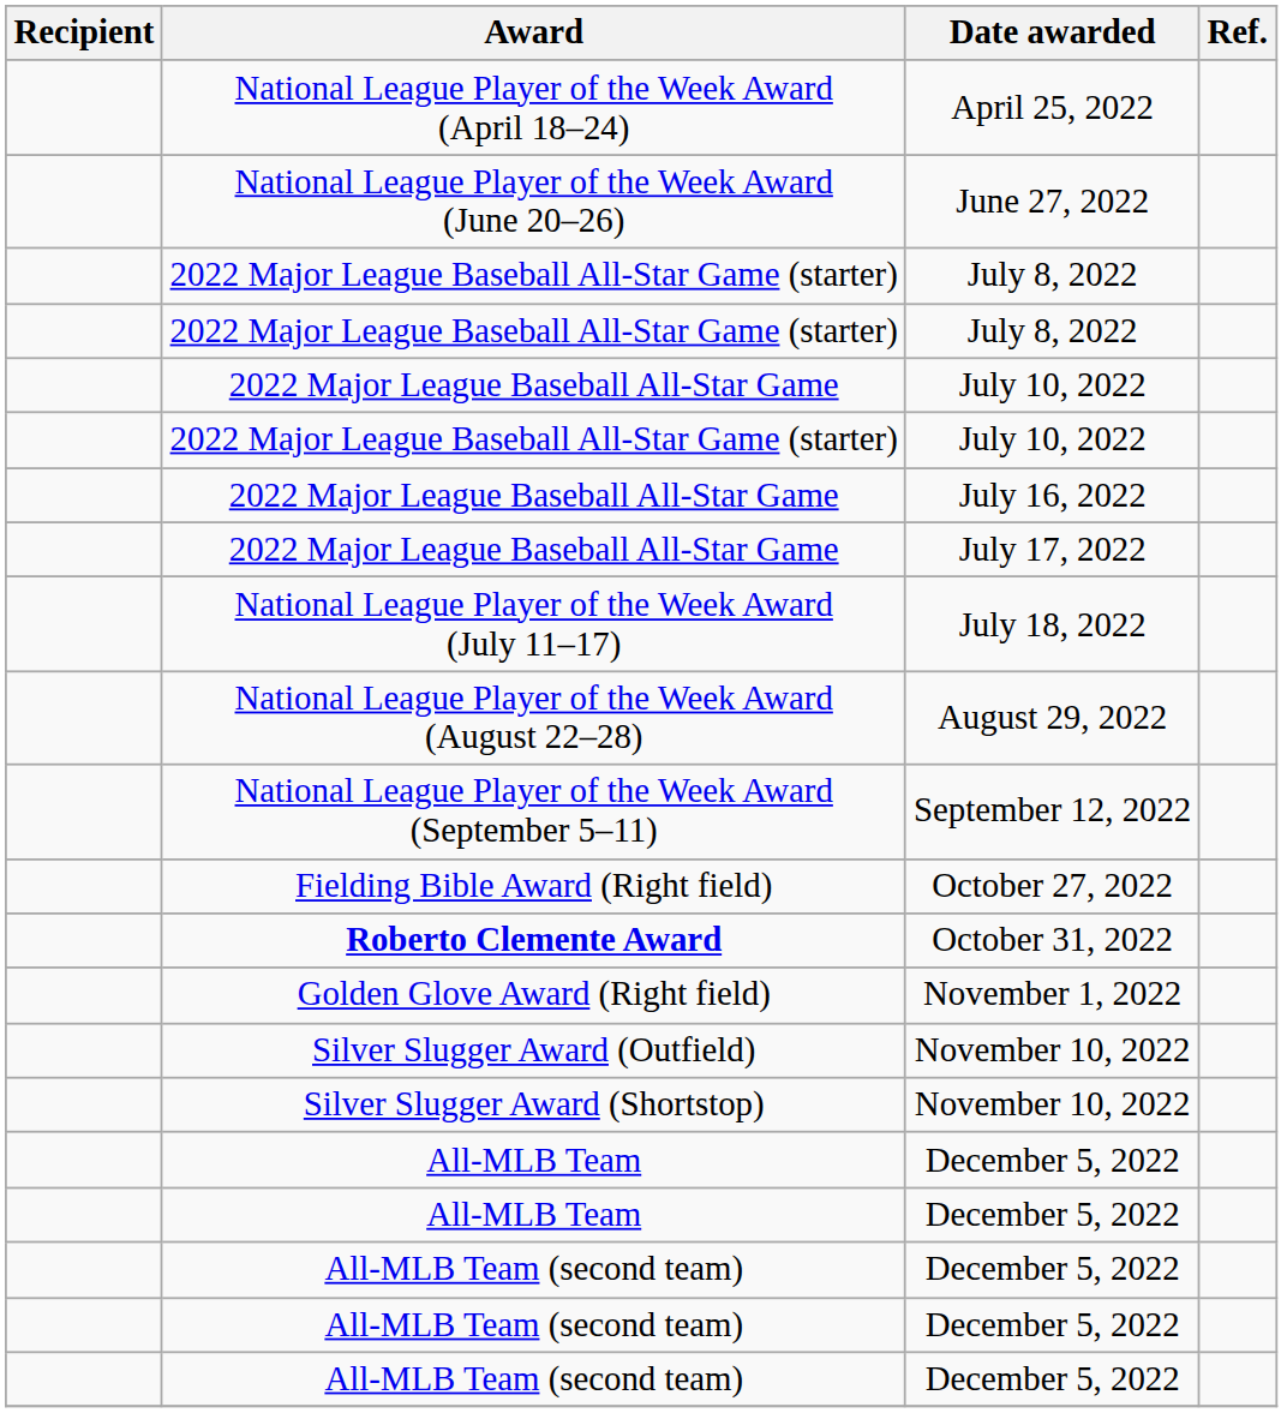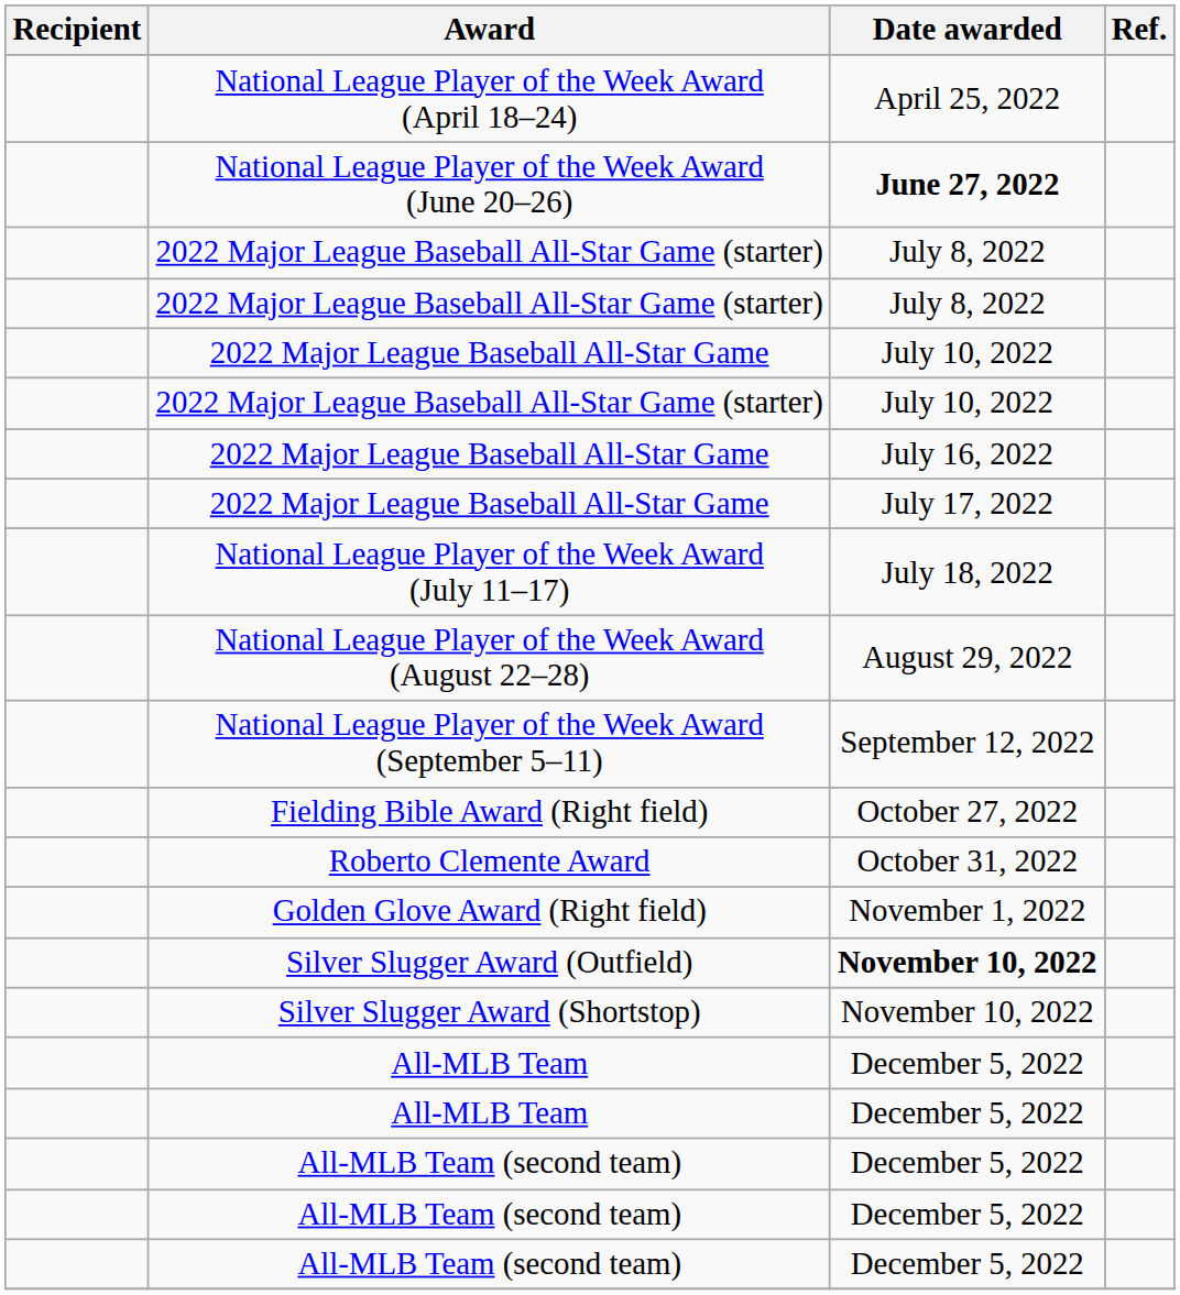 <table class="wikitable sortable collapsible" style="text-align:center">
 <tr>
 <th>Recipient</th>
 <th>Award</th>
 <th>Date awarded</th>
 <th>Ref.</th>
 </tr>
 <tr>
 <td></td>
 <td><a href='#'>National League Player of the Week Award</a>  <br> (April 18–24)</td>
 <td>April 25, 2022</td>
 <td></td>
 </tr>
 <tr>
 <td></td>
 <td><a href='#'>National League Player of the Week Award</a>  <br> (June 20–26)</td>
-<td>June 27, 2022</td>
+<td><strong>June 27, 2022</strong></td>
 <td></td>
 </tr>
 <tr>
 <td></td>
 <td><a href='#'>2022 Major League Baseball All-Star Game</a> (starter)</td>
 <td>July 8, 2022</td>
 <td></td>
 </tr>
 <tr>
 <td></td>
 <td><a href='#'>2022 Major League Baseball All-Star Game</a> (starter)</td>
 <td>July 8, 2022</td>
 <td></td>
 </tr>
 <tr>
 <td></td>
 <td><a href='#'>2022 Major League Baseball All-Star Game</a></td>
 <td>July 10, 2022</td>
 <td></td>
 </tr>
 <tr>
 <td></td>
 <td><a href='#'>2022 Major League Baseball All-Star Game</a> (starter)</td>
 <td>July 10, 2022</td>
 <td></td>
 </tr>
 <tr>
 <td></td>
 <td><a href='#'>2022 Major League Baseball All-Star Game</a></td>
 <td>July 16, 2022</td>
 <td></td>
 </tr>
 <tr>
 <td></td>
 <td><a href='#'>2022 Major League Baseball All-Star Game</a></td>
 <td>July 17, 2022</td>
 <td></td>
 </tr>
 <tr>
 <td></td>
 <td><a href='#'>National League Player of the Week Award</a>  <br> (July 11–17)</td>
 <td>July 18, 2022</td>
 <td></td>
 </tr>
 <tr>
 <td></td>
 <td><a href='#'>National League Player of the Week Award</a>  <br> (August 22–28)</td>
 <td>August 29, 2022</td>
 <td></td>
 </tr>
 <tr>
 <td></td>
 <td><a href='#'>National League Player of the Week Award</a>  <br> (September 5–11)</td>
 <td>September 12, 2022</td>
 <td></td>
 </tr>
 <tr>
 <td></td>
 <td><a href='#'>Fielding Bible Award</a>  (Right field)</td>
 <td>October 27, 2022</td>
 <td></td>
 </tr>
 <tr>
 <td></td>
-<td><strong><a href='#'>Roberto Clemente Award</a></strong></td>
+<td><a href='#'>Roberto Clemente Award</a></td>
 <td>October 31, 2022</td>
 <td></td>
 </tr>
 <tr>
 <td></td>
 <td><a href='#'>Golden Glove Award</a>  (Right field)</td>
 <td>November 1, 2022</td>
 <td></td>
 </tr>
 <tr>
 <td></td>
 <td><a href='#'>Silver Slugger Award</a>  (Outfield)</td>
-<td>November 10, 2022</td>
+<td><strong>November 10, 2022</strong></td>
 <td></td>
 </tr>
 <tr>
 <td></td>
 <td><a href='#'>Silver Slugger Award</a>  (Shortstop)</td>
 <td>November 10, 2022</td>
 <td></td>
 </tr>
 <tr>
 <td></td>
 <td><a href='#'>All-MLB Team</a></td>
 <td>December 5, 2022</td>
 <td></td>
 </tr>
 <tr>
 <td></td>
 <td><a href='#'>All-MLB Team</a></td>
 <td>December 5, 2022</td>
 <td></td>
 </tr>
 <tr>
 <td></td>
 <td><a href='#'>All-MLB Team</a>  (second team)</td>
 <td>December 5, 2022</td>
 <td></td>
 </tr>
 <tr>
 <td></td>
 <td><a href='#'>All-MLB Team</a>  (second team)</td>
 <td>December 5, 2022</td>
 <td></td>
 </tr>
 <tr>
 <td></td>
 <td><a href='#'>All-MLB Team</a>  (second team)</td>
 <td>December 5, 2022</td>
 <td></td>
 </tr>
 <tr>
 </tr>
 </table>
